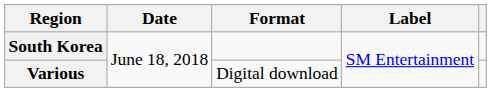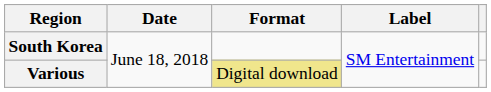 <table class="wikitable plainrowheaders">
 <tr>
 <th>Region</th>
 <th>Date</th>
 <th>Format</th>
 <th>Label</th>
 <th></th>
 </tr>
 <tr>
 <th scope="row">South Korea</th>
 <td rowspan="2">June 18, 2018</td>
 <td></td>
 <td rowspan="2"><a href='#'>SM Entertainment</a></td>
 <td align=center></td>
 </tr>
 <tr>
 <th scope="row">Various</th>
-<td>Digital download</td>
+<td style="background: khaki;">Digital download</td>
 <td align=center></td>
 </tr>
 </table>
